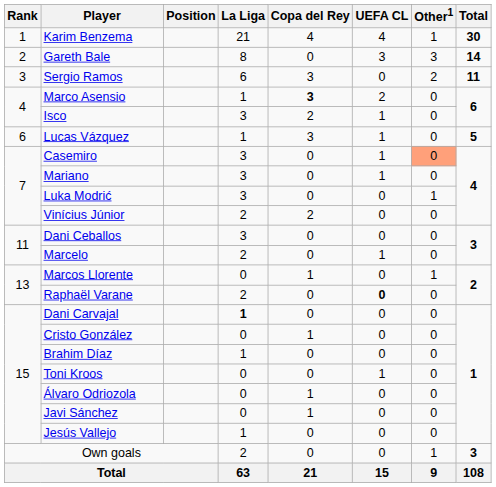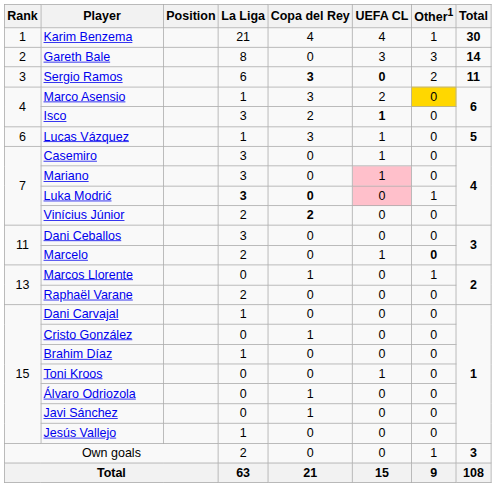 <table class="wikitable">
 <tr>
 <th>Rank</th>
 <th style="width:150px;">Player</th>
 <th>Position</th>
 <th>La Liga</th>
 <th>Copa del Rey</th>
 <th>UEFA CL</th>
 <th>Other<sup>1</sup></th>
 <th>Total</th>
 </tr>
 <tr>
 <td align=center>1</td>
 <td> <a href='#'>Karim Benzema</a></td>
 <td align=center></td>
 <td align=center>21</td>
 <td align=center>4</td>
 <td align=center>4</td>
 <td align=center>1</td>
 <td align=center><strong>30</strong></td>
 </tr>
 <tr>
 <td align=center>2</td>
 <td> <a href='#'>Gareth Bale</a></td>
 <td align=center></td>
 <td align=center>8</td>
 <td align=center>0</td>
 <td align=center>3</td>
 <td align=center>3</td>
 <td align=center><strong>14</strong></td>
 </tr>
 <tr>
 <td align=center>3</td>
 <td> <a href='#'>Sergio Ramos</a></td>
 <td align=center></td>
 <td align=center>6</td>
-<td align=center>3</td>
-<td align=center>0</td>
+<td align=center><strong>3</strong></td>
+<td align=center><strong>0</strong></td>
 <td align=center>2</td>
 <td align=center><strong>11</strong></td>
 </tr>
 <tr>
 <td align=center rowspan=2>4</td>
 <td> <a href='#'>Marco Asensio</a></td>
 <td align=center></td>
 <td align=center>1</td>
-<td align=center><strong>3</strong></td>
+<td align=center>3</td>
 <td align=center>2</td>
-<td align=center>0</td>
+<td align=center style="background: gold;">0</td>
 <td align=center rowspan=2><strong>6</strong></td>
 </tr>
 <tr>
 <td> <a href='#'>Isco</a></td>
 <td align=center></td>
 <td align=center>3</td>
 <td align=center>2</td>
-<td align=center>1</td>
+<td align=center><strong>1</strong></td>
 <td align=center>0</td>
 </tr>
 <tr>
 <td align=center>6</td>
 <td> <a href='#'>Lucas Vázquez</a></td>
 <td align=center></td>
 <td align=center>1</td>
 <td align=center>3</td>
 <td align=center>1</td>
 <td align=center>0</td>
 <td align=center><strong>5</strong></td>
 </tr>
 <tr>
 <td align=center rowspan=4>7</td>
 <td> <a href='#'>Casemiro</a></td>
 <td align=center></td>
 <td align=center>3</td>
 <td align=center>0</td>
 <td align=center>1</td>
-<td align=center style="background: lightsalmon;">0</td>
+<td align=center>0</td>
 <td align=center rowspan=4><strong>4</strong></td>
 </tr>
 <tr>
 <td> <a href='#'>Mariano</a></td>
 <td align=center></td>
 <td align=center>3</td>
 <td align=center>0</td>
-<td align=center>1</td>
+<td align=center style="background: pink;">1</td>
 <td align=center>0</td>
 </tr>
 <tr>
 <td> <a href='#'>Luka Modrić</a></td>
 <td align=center></td>
-<td align=center>3</td>
-<td align=center>0</td>
-<td align=center>0</td>
+<td align=center><strong>3</strong></td>
+<td align=center><strong>0</strong></td>
+<td align=center style="background: pink;">0</td>
 <td align=center>1</td>
 </tr>
 <tr>
 <td> <a href='#'>Vinícius Júnior</a></td>
 <td align=center></td>
 <td align=center>2</td>
-<td align=center>2</td>
+<td align=center><strong>2</strong></td>
 <td align=center>0</td>
 <td align=center>0</td>
 </tr>
 <tr>
 <td align=center rowspan=2>11</td>
 <td> <a href='#'>Dani Ceballos</a></td>
 <td align=center></td>
 <td align=center>3</td>
 <td align=center>0</td>
 <td align=center>0</td>
 <td align=center>0</td>
 <td align=center rowspan=2><strong>3</strong></td>
 </tr>
 <tr>
 <td> <a href='#'>Marcelo</a></td>
 <td align=center></td>
 <td align=center>2</td>
 <td align=center>0</td>
 <td align=center>1</td>
-<td align=center>0</td>
+<td align=center><strong>0</strong></td>
 </tr>
 <tr>
 <td align=center rowspan=2>13</td>
 <td> <a href='#'>Marcos Llorente</a></td>
 <td align=center></td>
 <td align=center>0</td>
 <td align=center>1</td>
 <td align=center>0</td>
 <td align=center>1</td>
 <td align=center rowspan=2><strong>2</strong></td>
 </tr>
 <tr>
 <td> <a href='#'>Raphaël Varane</a></td>
 <td align=center></td>
 <td align=center>2</td>
 <td align=center>0</td>
-<td align=center><strong>0</strong></td>
+<td align=center>0</td>
 <td align=center>0</td>
 </tr>
 <tr>
 <td align=center rowspan=7>15</td>
 <td> <a href='#'>Dani Carvajal</a></td>
 <td align=center></td>
-<td align=center><strong>1</strong></td>
+<td align=center>1</td>
 <td align=center>0</td>
 <td align=center>0</td>
 <td align=center>0</td>
 <td align=center rowspan=7><strong>1</strong></td>
 </tr>
 <tr>
 <td> <a href='#'>Cristo González</a></td>
 <td align=center></td>
 <td align=center>0</td>
 <td align=center>1</td>
 <td align=center>0</td>
 <td align=center>0</td>
 </tr>
 <tr>
 <td> <a href='#'>Brahim Díaz</a></td>
 <td align=center></td>
 <td align=center>1</td>
 <td align=center>0</td>
 <td align=center>0</td>
 <td align=center>0</td>
 </tr>
 <tr>
 <td> <a href='#'>Toni Kroos</a></td>
 <td align=center></td>
 <td align=center>0</td>
 <td align=center>0</td>
 <td align=center>1</td>
 <td align=center>0</td>
 </tr>
 <tr>
 <td> <a href='#'>Álvaro Odriozola</a></td>
 <td align=center></td>
 <td align=center>0</td>
 <td align=center>1</td>
 <td align=center>0</td>
 <td align=center>0</td>
 </tr>
 <tr>
 <td> <a href='#'>Javi Sánchez</a></td>
 <td align=center></td>
 <td align=center>0</td>
 <td align=center>1</td>
 <td align=center>0</td>
 <td align=center>0</td>
 </tr>
 <tr>
 <td> <a href='#'>Jesús Vallejo</a></td>
 <td align=center></td>
 <td align=center>1</td>
 <td align=center>0</td>
 <td align=center>0</td>
 <td align=center>0</td>
 </tr>
 <tr>
 <td colspan=3 align=center>Own goals</td>
 <td align=center>2</td>
 <td align=center>0</td>
 <td align=center>0</td>
 <td align=center>1</td>
 <td align=center><strong>3</strong></td>
 </tr>
 <tr>
 <th align=center colspan=3>Total</th>
 <th align=center>63</th>
 <th align=center>21</th>
 <th align=center>15</th>
 <th align=center>9</th>
 <th align=center>108</th>
 </tr>
 </table>
